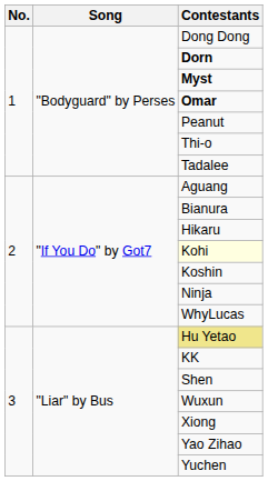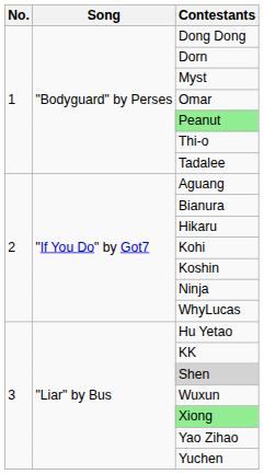 <table class="wikitable">
 <tr>
 <th scope="row">No.</th>
 <th scope="row">Song</th>
 <th scope="row">Contestants</th>
 </tr>
 <tr>
 <td rowspan="7">1</td>
 <td rowspan="7">"Bodyguard" by Perses</td>
 <td>Dong Dong</td>
 </tr>
 <tr>
-<td><strong>Dorn</strong></td>
+<td>Dorn</td>
 </tr>
 <tr>
-<td><strong>Myst</strong></td>
+<td>Myst</td>
 </tr>
 <tr>
-<td><strong>Omar</strong></td>
+<td>Omar</td>
 </tr>
 <tr>
-<td>Peanut</td>
+<td style="background: lightgreen;">Peanut</td>
 </tr>
 <tr>
 <td>Thi-o</td>
 </tr>
 <tr>
 <td>Tadalee</td>
 </tr>
 <tr>
 <td rowspan="7">2</td>
 <td rowspan="7">"<a href='#'>If You Do</a>" by <a href='#'>Got7</a></td>
 <td>Aguang</td>
 </tr>
 <tr>
 <td>Bianura</td>
 </tr>
 <tr>
 <td>Hikaru</td>
 </tr>
 <tr>
-<td style="background: lightyellow;">Kohi</td>
+<td>Kohi</td>
 </tr>
 <tr>
 <td>Koshin</td>
 </tr>
 <tr>
 <td>Ninja</td>
 </tr>
 <tr>
 <td>WhyLucas</td>
 </tr>
 <tr>
 <td rowspan="7">3</td>
 <td rowspan="7">"Liar" by Bus</td>
-<td style="background: khaki;">Hu Yetao</td>
+<td>Hu Yetao</td>
 </tr>
 <tr>
 <td>KK</td>
 </tr>
 <tr>
-<td>Shen</td>
+<td style="background: lightgrey;">Shen</td>
 </tr>
 <tr>
 <td>Wuxun</td>
 </tr>
 <tr>
-<td>Xiong</td>
+<td style="background: lightgreen;">Xiong</td>
 </tr>
 <tr>
 <td>Yao Zihao</td>
 </tr>
 <tr>
 <td>Yuchen</td>
 </tr>
 </table>
